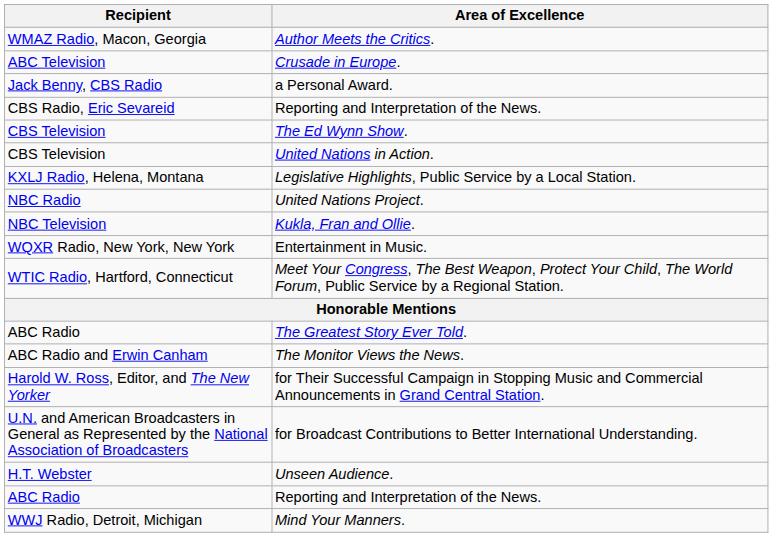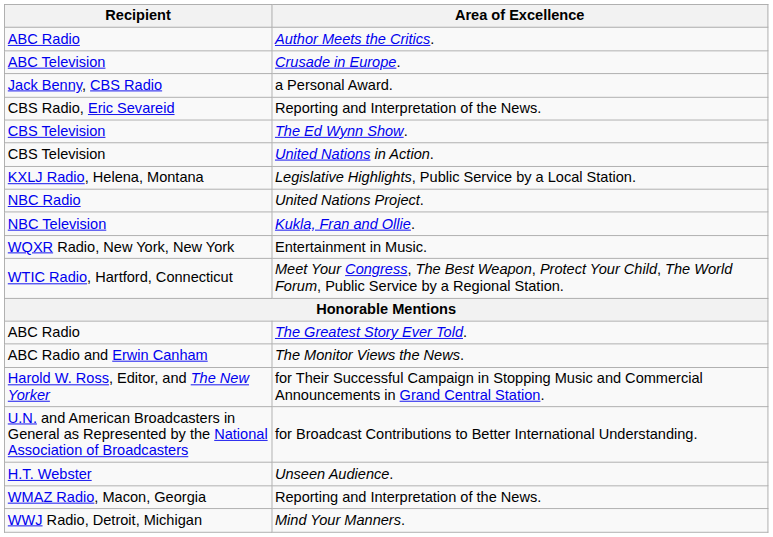 <table class="wikitable" style="width:95%">
 <tr bgcolor="#CCCCCC">
 <th width=35%>Recipient</th>
 <th width=65%>Area of Excellence</th>
 </tr>
 <tr>
-<td rowspan="1"><a href='#'>WMAZ Radio</a>, Macon, Georgia</td>
+<td rowspan="1"><a href='#'>ABC Radio</a></td>
 <td><em><a href='#'>Author Meets the Critics</a></em>.</td>
 </tr>
 <tr>
 <td rowspan="1"><a href='#'>ABC Television</a></td>
 <td><em><a href='#'>Crusade in Europe</a></em>.</td>
 </tr>
 <tr>
 <td rowspan="1"><a href='#'>Jack Benny</a>, <a href='#'>CBS Radio</a></td>
 <td>a Personal Award.</td>
 </tr>
 <tr>
 <td rowspan="1">CBS Radio, <a href='#'>Eric Sevareid</a></td>
 <td>Reporting and Interpretation of the News.</td>
 </tr>
 <tr>
 <td rowspan="1"><a href='#'>CBS Television</a></td>
 <td><em><a href='#'>The Ed Wynn Show</a></em>.</td>
 </tr>
 <tr>
 <td rowspan="1">CBS Television</td>
 <td><em><a href='#'>United Nations</a> in Action</em>.</td>
 </tr>
 <tr>
 <td rowspan="1"><a href='#'>KXLJ Radio</a>, Helena, Montana</td>
 <td><em>Legislative Highlights</em>, Public Service by a Local Station.</td>
 </tr>
 <tr>
 <td rowspan="1"><a href='#'>NBC Radio</a></td>
 <td><em>United Nations Project</em>.</td>
 </tr>
 <tr>
 <td rowspan="1"><a href='#'>NBC Television</a></td>
 <td><em><a href='#'>Kukla, Fran and Ollie</a></em>.</td>
 </tr>
 <tr>
 <td rowspan="1"><a href='#'>WQXR</a> Radio, New York, New York</td>
 <td>Entertainment in Music.</td>
 </tr>
 <tr>
 <td rowspan="1"><a href='#'>WTIC Radio</a>, Hartford, Connecticut</td>
 <td><em>Meet Your <a href='#'>Congress</a></em>, <em>The Best Weapon</em>, <em>Protect Your Child</em>, <em>The World Forum</em>, Public Service by a Regional Station.</td>
 </tr>
 <tr>
 <th colspan="2">Honorable Mentions</th>
 </tr>
 <tr>
 <td rowspan="1">ABC Radio</td>
 <td><em><a href='#'>The Greatest Story Ever Told</a></em>.</td>
 </tr>
 <tr>
 <td rowspan="1">ABC Radio and <a href='#'>Erwin Canham</a></td>
 <td><em>The Monitor Views the News</em>.</td>
 </tr>
 <tr>
 <td rowspan="1"><a href='#'>Harold W. Ross</a>, Editor, and <em><a href='#'>The New Yorker</a></em></td>
 <td>for Their Successful Campaign in Stopping Music and Commercial Announcements in <a href='#'>Grand Central Station</a>.</td>
 </tr>
 <tr>
 <td rowspan="1"><a href='#'>U.N.</a> and American Broadcasters in General as Represented by the <a href='#'>National Association of Broadcasters</a></td>
 <td>for Broadcast Contributions to Better International Understanding.</td>
 </tr>
 <tr>
 <td rowspan="1"><a href='#'>H.T. Webster</a></td>
 <td><em>Unseen Audience</em>.</td>
 </tr>
 <tr>
-<td rowspan="1"><a href='#'>ABC Radio</a></td>
+<td rowspan="1"><a href='#'>WMAZ Radio</a>, Macon, Georgia</td>
 <td>Reporting and Interpretation of the News.</td>
 </tr>
 <tr>
 <td rowspan="1"><a href='#'>WWJ</a> Radio, Detroit, Michigan</td>
 <td><em>Mind Your Manners</em>.</td>
 </tr>
 </table>
